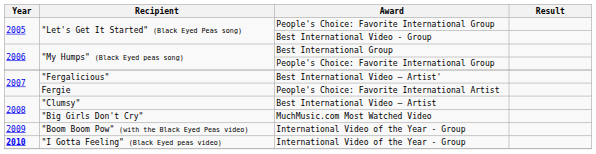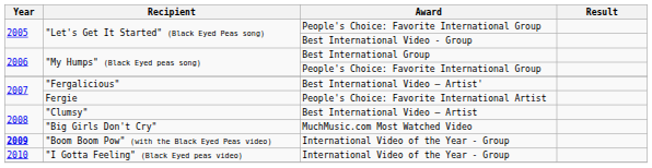 <table style="width: 75%;" class="wikitable">
 <tr>
 <th style="width:6%;"><strong>Year</strong></th>
 <th style="width:40%;"><strong>Recipient</strong></th>
 <th style="width:40%;"><strong>Award</strong></th>
 <th style="width:14%;"><strong>Result</strong></th>
 </tr>
 <tr>
 <td rowspan=2><a href='#'>2005</a></td>
 <td rowspan=2>"Let's Get It Started" <small>(Black Eyed Peas song)</small></td>
 <td>People's Choice: Favorite International Group</td>
 <td></td>
 </tr>
 <tr>
 <td>Best International Video - Group</td>
 <td></td>
 </tr>
 <tr>
 <td rowspan=2><a href='#'>2006</a></td>
 <td rowspan=2>"My Humps" <small>(Black Eyed peas song)</small></td>
 <td>Best International Group</td>
 <td></td>
 </tr>
 <tr>
 <td>People's Choice: Favorite International Group</td>
 <td></td>
 </tr>
 <tr>
 </tr>
 <tr>
 <td rowspan="2"><a href='#'>2007</a></td>
 <td rowspan="1" style="text-align:left;">"Fergalicious"</td>
 <td>Best International Video – Artist'</td>
 <td></td>
 </tr>
 <tr>
 <td rowspan="1" style="text-align:left;">Fergie</td>
 <td>People's Choice: Favorite International Artist</td>
 <td></td>
 </tr>
 <tr>
 <td rowspan="2"><a href='#'>2008</a></td>
 <td rowspan="1" style="text-align:left;">"Clumsy"</td>
 <td>Best International Video – Artist</td>
 <td></td>
 </tr>
 <tr>
 <td rowspan="1" style="text-align:left;">"Big Girls Don't Cry"</td>
 <td>MuchMusic.com Most Watched Video</td>
 <td></td>
 </tr>
 <tr>
-<td><a href='#'>2009</a></td>
+<td><strong><a href='#'>2009</a></strong></td>
 <td>"Boom Boom Pow" <small>(with the Black Eyed Peas video)</small></td>
 <td>International Video of the Year - Group</td>
 <td></td>
 </tr>
 <tr>
-<td><strong><a href='#'>2010</a></strong></td>
+<td><a href='#'>2010</a></td>
 <td>"I Gotta Feeling" <small>(Black Eyed peas video)</small></td>
 <td>International Video of the Year - Group</td>
 <td></td>
 </tr>
 <tr>
 </tr>
 </table>
